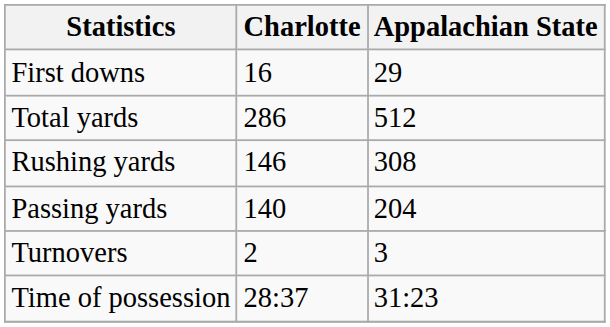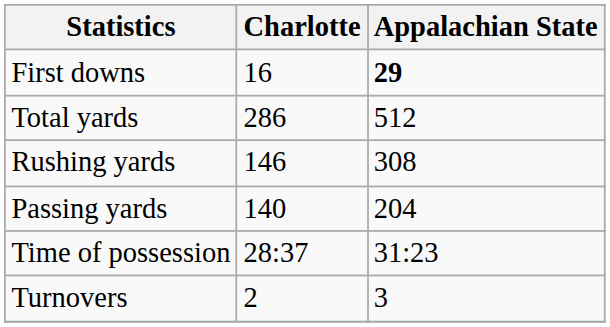 <table class="wikitable">
 <tr>
 <th>Statistics</th>
 <th>Charlotte</th>
 <th>Appalachian State</th>
 </tr>
 <tr>
 <td>First downs</td>
 <td>16</td>
-<td>29</td>
+<td><strong>29</strong></td>
 </tr>
 <tr>
 <td>Total yards</td>
 <td>286</td>
 <td>512</td>
 </tr>
 <tr>
 <td>Rushing yards</td>
 <td>146</td>
 <td>308</td>
 </tr>
 <tr>
 <td>Passing yards</td>
 <td>140</td>
 <td>204</td>
 </tr>
 <tr>
+<td>Time of possession</td>
+<td>28:37</td>
+<td>31:23</td>
+</tr>
+<tr>
 <td>Turnovers</td>
 <td>2</td>
 <td>3</td>
 </tr>
 <tr>
-<td>Time of possession</td>
-<td>28:37</td>
-<td>31:23</td>
-</tr>
-<tr>
 </tr>
 </table>
